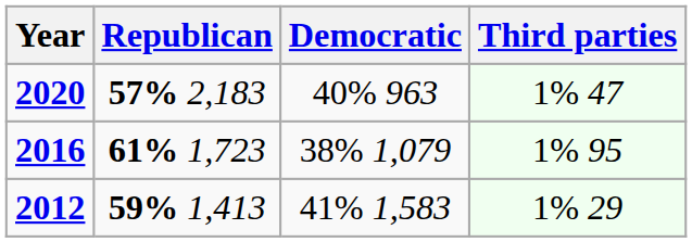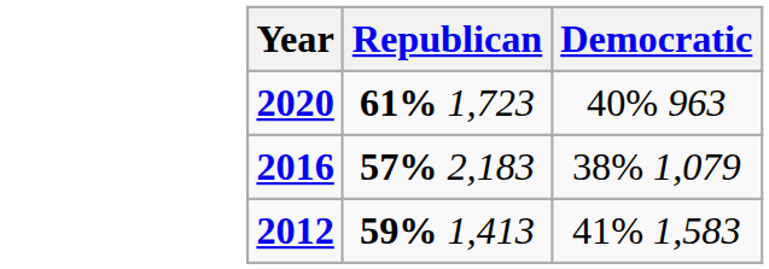 <table class="wikitable" style="float:right; font-size:95%;">
 <tr bgcolor=lightgrey>
 <th>Year</th>
 <th><a href='#'>Republican</a></th>
 <th><a href='#'>Democratic</a></th>
-<th><a href='#'>Third parties</a></th>
 </tr>
 <tr>
 <td style="text-align:center; "><strong><a href='#'>2020</a></strong></td>
-<td style="text-align:center; "><strong>57%</strong> <em>2,183</em></td>
+<td style="text-align:center; "><strong>61%</strong> <em>1,723</em></td>
 <td style="text-align:center; ">40% <em>963</em></td>
-<td style="text-align:center; background:honeyDew;">1% <em>47</em></td>
 </tr>
 <tr>
 <td style="text-align:center; "><strong><a href='#'>2016</a></strong></td>
-<td style="text-align:center; "><strong>61%</strong> <em>1,723</em></td>
+<td style="text-align:center; "><strong>57%</strong> <em>2,183</em></td>
 <td style="text-align:center; ">38% <em>1,079</em></td>
-<td style="text-align:center; background:honeyDew;">1% <em>95</em></td>
 </tr>
 <tr>
 <td style="text-align:center; "><strong><a href='#'>2012</a></strong></td>
 <td style="text-align:center; "><strong>59%</strong> <em>1,413</em></td>
 <td style="text-align:center; ">41% <em>1,583</em></td>
-<td style="text-align:center; background:honeyDew;">1% <em>29</em></td>
 </tr>
 </table>
